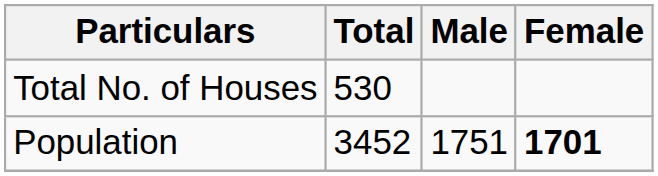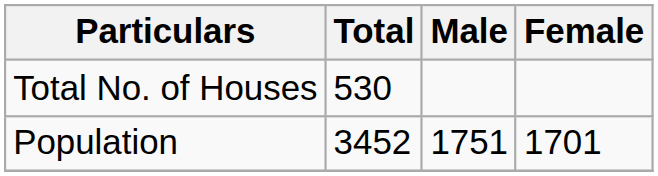 <table class="wikitable sortable">
 <tr>
 <th>Particulars</th>
 <th>Total</th>
 <th>Male</th>
 <th>Female</th>
 </tr>
 <tr>
 <td>Total No. of Houses</td>
 <td>530</td>
 <td></td>
 <td></td>
 </tr>
 <tr>
 <td>Population</td>
 <td>3452</td>
 <td>1751</td>
-<td><strong>1701</strong></td>
+<td>1701</td>
 </tr>
 <tr>
 </tr>
 </table>
